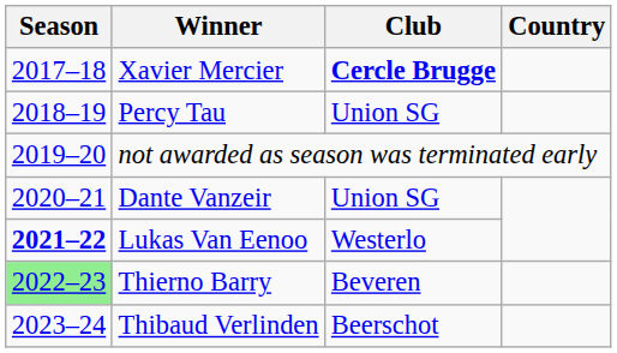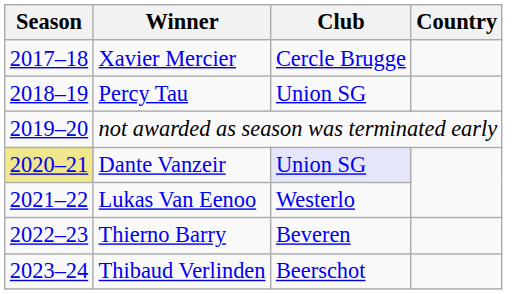 <table class=wikitable>
 <tr>
 <th>Season</th>
 <th>Winner</th>
 <th>Club</th>
 <th>Country</th>
 </tr>
 <tr>
 <td><a href='#'>2017–18</a></td>
 <td><a href='#'>Xavier Mercier</a></td>
-<td><strong><a href='#'>Cercle Brugge</a></strong></td>
+<td><a href='#'>Cercle Brugge</a></td>
 <td></td>
 </tr>
 <tr>
 <td><a href='#'>2018–19</a></td>
 <td><a href='#'>Percy Tau</a></td>
 <td><a href='#'>Union SG</a></td>
 <td></td>
 </tr>
 <tr>
 <td><a href='#'>2019–20</a></td>
 <td colspan=3><em>not awarded as season was terminated early</em></td>
 </tr>
 <tr>
-<td><a href='#'>2020–21</a></td>
+<td style="background: khaki;"><a href='#'>2020–21</a></td>
 <td><a href='#'>Dante Vanzeir</a></td>
-<td><a href='#'>Union SG</a></td>
+<td style="background: lavender;"><a href='#'>Union SG</a></td>
 <td rowspan="2"></td>
 </tr>
 <tr>
-<td><strong><a href='#'>2021–22</a></strong></td>
+<td><a href='#'>2021–22</a></td>
 <td><a href='#'>Lukas Van Eenoo</a></td>
 <td><a href='#'>Westerlo</a></td>
 </tr>
 <tr>
-<td style="background: lightgreen;"><a href='#'>2022–23</a></td>
+<td><a href='#'>2022–23</a></td>
 <td><a href='#'>Thierno Barry</a></td>
 <td><a href='#'>Beveren</a></td>
 <td></td>
 </tr>
 <tr>
 <td><a href='#'>2023–24</a></td>
 <td><a href='#'>Thibaud Verlinden</a></td>
 <td><a href='#'>Beerschot</a></td>
 <td></td>
 </tr>
 </table>
